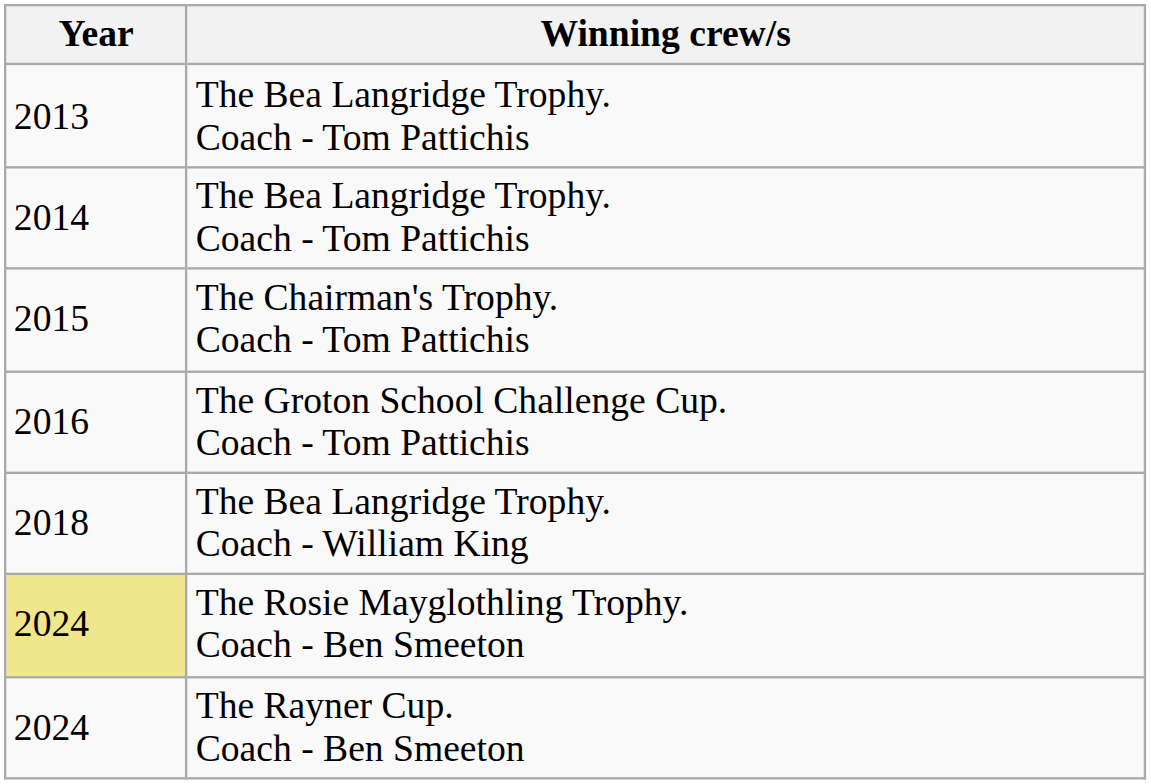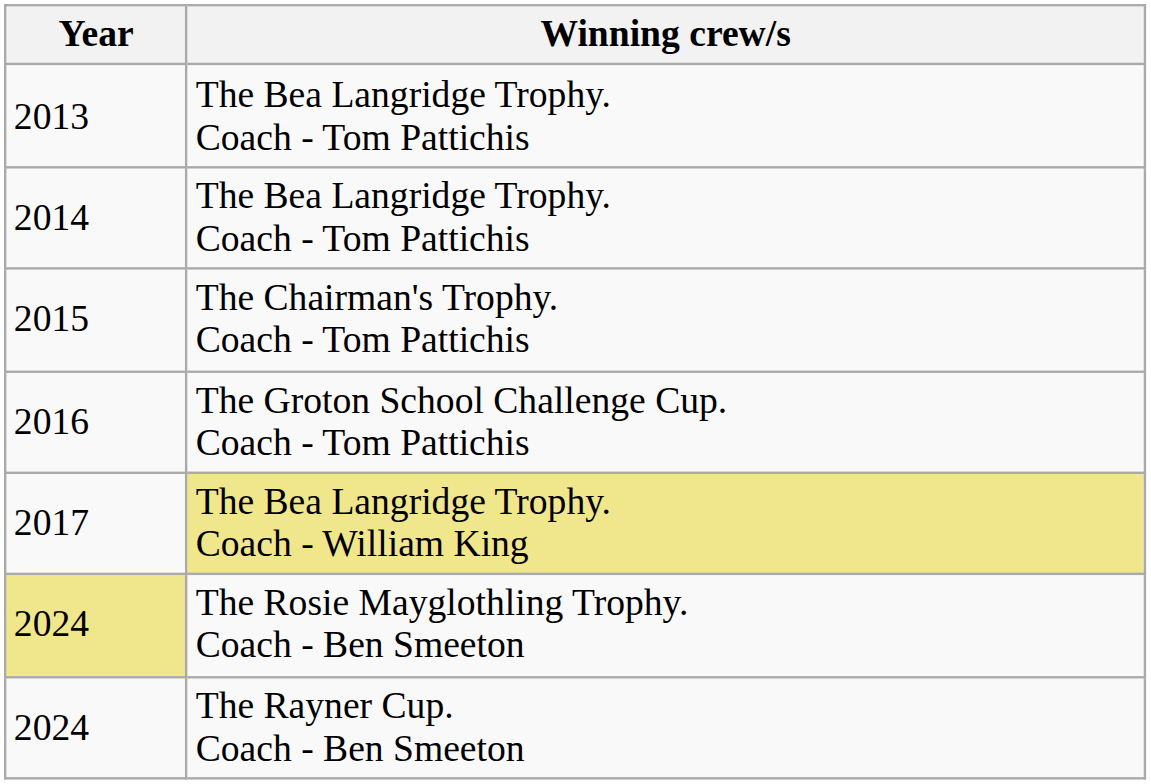 <table class="wikitable">
 <tr>
 <th width=70>Year</th>
 <th width=400>Winning crew/s</th>
 </tr>
 <tr>
 <td>2013</td>
 <td>The Bea Langridge Trophy.<br>Coach - Tom Pattichis</td>
 </tr>
 <tr>
 <td>2014</td>
 <td>The Bea Langridge Trophy.<br>Coach - Tom Pattichis</td>
 </tr>
 <tr>
 <td>2015</td>
 <td>The Chairman's Trophy.<br>Coach - Tom Pattichis</td>
 </tr>
 <tr>
 <td>2016</td>
 <td>The Groton School Challenge Cup.<br>Coach - Tom Pattichis</td>
 </tr>
 <tr>
-<td>2018</td>
-<td>The Bea Langridge Trophy.<br>Coach - William King</td>
+<td>2017</td>
+<td style="background: khaki;">The Bea Langridge Trophy.<br>Coach - William King</td>
 </tr>
 <tr>
 <td style="background: khaki;">2024</td>
 <td>The Rosie Mayglothling Trophy.<br>Coach - Ben Smeeton</td>
 </tr>
 <tr>
 <td>2024</td>
 <td>The Rayner Cup.<br>Coach - Ben Smeeton</td>
 </tr>
 </table>
